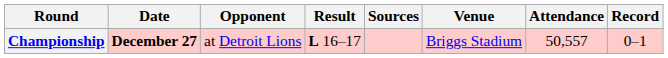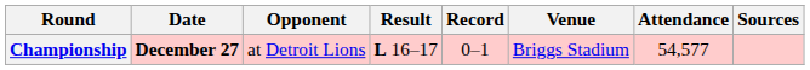 <table class="wikitable" style="text-align:center">
 <tr>
 <th>Round</th>
 <th>Date</th>
 <th>Opponent</th>
 <th>Result</th>
-<th>Sources</th>
+<th>Record</th>
 <th>Venue</th>
 <th>Attendance</th>
-<th>Record</th>
+<th>Sources</th>
 </tr>
 <tr style="background:#fcc">
 <th><a href='#'>Championship</a></th>
 <td><strong>December 27</strong></td>
 <td>at <a href='#'>Detroit Lions</a></td>
 <td><strong>L</strong> 16–17</td>
+<td>0–1</td>
+<td><a href='#'>Briggs Stadium</a></td>
+<td>54,577</td>
 <td></td>
-<td><a href='#'>Briggs Stadium</a></td>
-<td>50,557</td>
-<td>0–1</td>
 </tr>
 </table>
